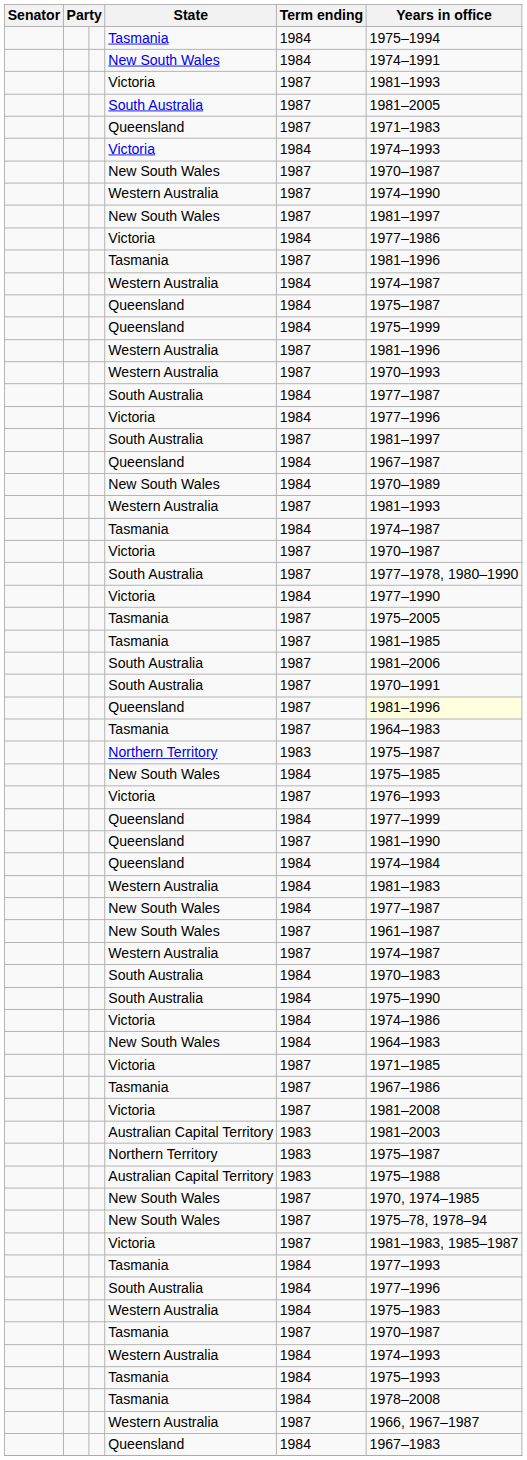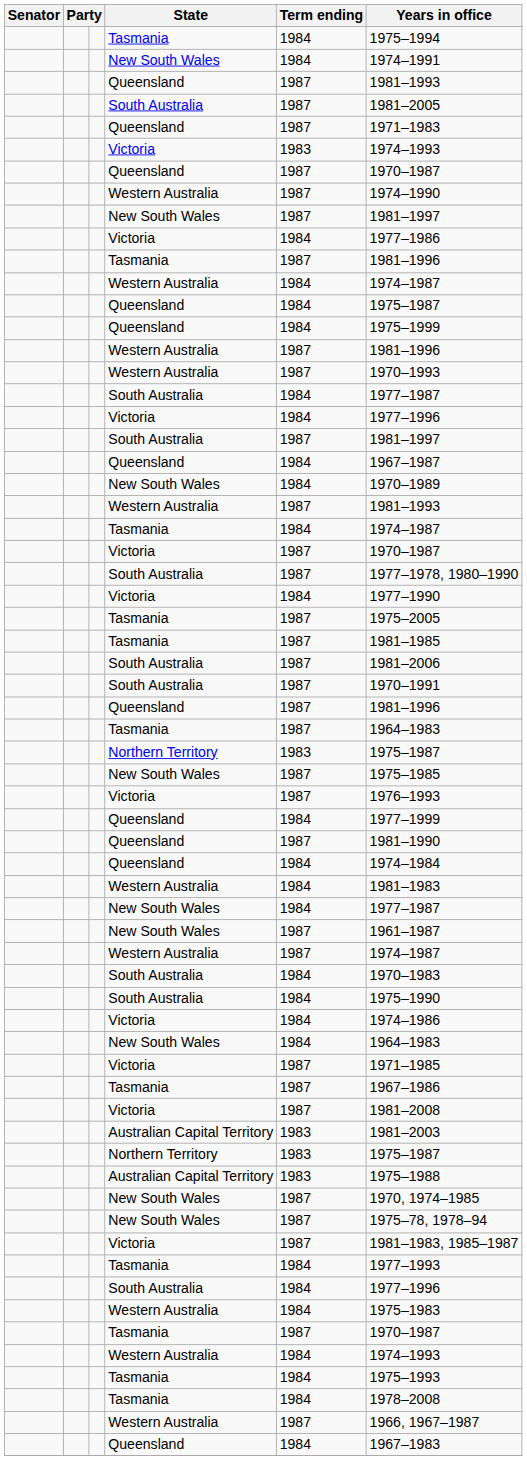 <table class="wikitable sortable">
 <tr>
 <th>Senator</th>
 <th colspan=2>Party</th>
 <th>State</th>
 <th>Term ending</th>
 <th>Years in office</th>
 </tr>
 <tr>
 <td></td>
 <td> </td>
 <td></td>
 <td><a href='#'>Tasmania</a></td>
 <td>1984</td>
 <td>1975–1994</td>
 </tr>
 <tr>
 <td></td>
 <td> </td>
 <td></td>
 <td><a href='#'>New South Wales</a></td>
 <td>1984</td>
 <td>1974–1991</td>
 </tr>
 <tr>
 <td></td>
 <td> </td>
 <td> </td>
-<td>Victoria</td>
+<td>Queensland</td>
 <td>1987</td>
 <td>1981–1993</td>
 </tr>
 <tr>
 <td></td>
 <td> </td>
 <td></td>
 <td><a href='#'>South Australia</a></td>
 <td>1987</td>
 <td>1981–2005</td>
 </tr>
 <tr>
 <td></td>
 <td> </td>
 <td></td>
 <td>Queensland</td>
 <td>1987</td>
 <td>1971–1983</td>
 </tr>
 <tr>
 <td></td>
 <td> </td>
 <td></td>
 <td><a href='#'>Victoria</a></td>
-<td>1984</td>
+<td>1983</td>
 <td>1974–1993</td>
 </tr>
 <tr>
 <td></td>
 <td> </td>
 <td></td>
-<td>New South Wales</td>
+<td>Queensland</td>
 <td>1987</td>
 <td>1970–1987</td>
 </tr>
 <tr>
 <td></td>
 <td> </td>
 <td></td>
 <td>Western Australia</td>
 <td>1987</td>
 <td>1974–1990</td>
 </tr>
 <tr>
 <td></td>
 <td> </td>
 <td></td>
 <td>New South Wales</td>
 <td>1987</td>
 <td>1981–1997</td>
 </tr>
 <tr>
 <td></td>
 <td> </td>
 <td></td>
 <td>Victoria</td>
 <td>1984</td>
 <td>1977–1986</td>
 </tr>
 <tr>
 <td></td>
 <td> </td>
 <td></td>
 <td>Tasmania</td>
 <td>1987</td>
 <td>1981–1996</td>
 </tr>
 <tr>
 <td></td>
 <td> </td>
 <td></td>
 <td>Western Australia</td>
 <td>1984</td>
 <td>1974–1987</td>
 </tr>
 <tr>
 <td></td>
 <td> </td>
 <td></td>
 <td>Queensland</td>
 <td>1984</td>
 <td>1975–1987</td>
 </tr>
 <tr>
 <td></td>
 <td> </td>
 <td></td>
 <td>Queensland</td>
 <td>1984</td>
 <td>1975–1999</td>
 </tr>
 <tr>
 <td></td>
 <td> </td>
 <td></td>
 <td>Western Australia</td>
 <td>1987</td>
 <td>1981–1996</td>
 </tr>
 <tr>
 <td></td>
 <td> </td>
 <td></td>
 <td>Western Australia</td>
 <td>1987</td>
 <td>1970–1993</td>
 </tr>
 <tr>
 <td></td>
 <td> </td>
 <td></td>
 <td>South Australia</td>
 <td>1984</td>
 <td>1977–1987</td>
 </tr>
 <tr>
 <td></td>
 <td> </td>
 <td></td>
 <td>Victoria</td>
 <td>1984</td>
 <td>1977–1996</td>
 </tr>
 <tr>
 <td></td>
 <td> </td>
 <td></td>
 <td>South Australia</td>
 <td>1987</td>
 <td>1981–1997</td>
 </tr>
 <tr>
 <td></td>
 <td> </td>
 <td></td>
 <td>Queensland</td>
 <td>1984</td>
 <td>1967–1987</td>
 </tr>
 <tr>
 <td></td>
 <td> </td>
 <td></td>
 <td>New South Wales</td>
 <td>1984</td>
 <td>1970–1989</td>
 </tr>
 <tr>
 <td></td>
 <td> </td>
 <td></td>
 <td>Western Australia</td>
 <td>1987</td>
 <td>1981–1993</td>
 </tr>
 <tr>
 <td></td>
 <td> </td>
 <td></td>
 <td>Tasmania</td>
 <td>1984</td>
 <td>1974–1987</td>
 </tr>
 <tr>
 <td></td>
 <td> </td>
 <td></td>
 <td>Victoria</td>
 <td>1987</td>
 <td>1970–1987</td>
 </tr>
 <tr>
 <td></td>
 <td> </td>
 <td></td>
 <td>South Australia</td>
 <td>1987</td>
 <td>1977–1978, 1980–1990</td>
 </tr>
 <tr>
 <td></td>
 <td> </td>
 <td></td>
 <td>Victoria</td>
 <td>1984</td>
 <td>1977–1990</td>
 </tr>
 <tr>
 <td></td>
 <td> </td>
 <td></td>
 <td>Tasmania</td>
 <td>1987</td>
 <td>1975–2005</td>
 </tr>
 <tr>
 <td></td>
 <td> </td>
 <td></td>
 <td>Tasmania</td>
 <td>1987</td>
 <td>1981–1985</td>
 </tr>
 <tr>
 <td></td>
 <td> </td>
 <td></td>
 <td>South Australia</td>
 <td>1987</td>
 <td>1981–2006</td>
 </tr>
 <tr>
 <td></td>
 <td> </td>
 <td></td>
 <td>South Australia</td>
 <td>1987</td>
 <td>1970–1991</td>
 </tr>
 <tr>
 <td></td>
 <td> </td>
 <td></td>
 <td>Queensland</td>
 <td>1987</td>
-<td style="background: lightyellow;">1981–1996</td>
+<td>1981–1996</td>
 </tr>
 <tr>
 <td></td>
 <td> </td>
 <td></td>
 <td>Tasmania</td>
 <td>1987</td>
 <td>1964–1983</td>
 </tr>
 <tr>
 <td></td>
 <td> </td>
 <td></td>
 <td><a href='#'>Northern Territory</a></td>
 <td>1983 </td>
 <td>1975–1987</td>
 </tr>
 <tr>
 <td></td>
 <td> </td>
 <td></td>
 <td>New South Wales</td>
-<td>1984</td>
+<td>1987</td>
 <td>1975–1985</td>
 </tr>
 <tr>
 <td></td>
 <td> </td>
 <td></td>
 <td>Victoria</td>
 <td>1987</td>
 <td>1976–1993</td>
 </tr>
 <tr>
 <td></td>
 <td> </td>
 <td></td>
 <td>Queensland</td>
 <td>1984</td>
 <td>1977–1999</td>
 </tr>
 <tr>
 <td></td>
 <td> </td>
 <td></td>
 <td>Queensland</td>
 <td>1987</td>
 <td>1981–1990</td>
 </tr>
 <tr>
 <td></td>
 <td> </td>
 <td></td>
 <td>Queensland</td>
 <td>1984</td>
 <td>1974–1984</td>
 </tr>
 <tr>
 <td></td>
 <td> </td>
 <td></td>
 <td>Western Australia</td>
 <td>1984</td>
 <td>1981–1983</td>
 </tr>
 <tr>
 <td></td>
 <td> </td>
 <td></td>
 <td>New South Wales</td>
 <td>1984</td>
 <td>1977–1987</td>
 </tr>
 <tr>
 <td> </td>
 <td> </td>
 <td></td>
 <td>New South Wales</td>
 <td>1987</td>
 <td>1961–1987</td>
 </tr>
 <tr>
 <td></td>
 <td> </td>
 <td></td>
 <td>Western Australia</td>
 <td>1987</td>
 <td>1974–1987</td>
 </tr>
 <tr>
 <td></td>
 <td> </td>
 <td></td>
 <td>South Australia</td>
 <td>1984</td>
 <td>1970–1983</td>
 </tr>
 <tr>
 <td></td>
 <td> </td>
 <td></td>
 <td>South Australia</td>
 <td>1984</td>
 <td>1975–1990</td>
 </tr>
 <tr>
 <td></td>
 <td> </td>
 <td></td>
 <td>Victoria</td>
 <td>1984</td>
 <td>1974–1986</td>
 </tr>
 <tr>
 <td></td>
 <td> </td>
 <td></td>
 <td>New South Wales</td>
 <td>1984</td>
 <td>1964–1983</td>
 </tr>
 <tr>
 <td></td>
 <td> </td>
 <td></td>
 <td>Victoria</td>
 <td>1987</td>
 <td>1971–1985</td>
 </tr>
 <tr>
 <td></td>
 <td> </td>
 <td></td>
 <td>Tasmania</td>
 <td>1987</td>
 <td>1967–1986</td>
 </tr>
 <tr>
 <td></td>
 <td> </td>
 <td></td>
 <td>Victoria</td>
 <td>1987</td>
 <td>1981–2008</td>
 </tr>
 <tr>
 <td></td>
 <td> </td>
 <td></td>
 <td>Australian Capital Territory</td>
 <td>1983 </td>
 <td>1981–2003</td>
 </tr>
 <tr>
 <td></td>
 <td> </td>
 <td></td>
 <td>Northern Territory</td>
 <td>1983 </td>
 <td>1975–1987</td>
 </tr>
 <tr>
 <td></td>
 <td> </td>
 <td></td>
 <td>Australian Capital Territory</td>
 <td>1983 </td>
 <td>1975–1988</td>
 </tr>
 <tr>
 <td></td>
 <td> </td>
 <td></td>
 <td>New South Wales</td>
 <td>1987</td>
 <td>1970, 1974–1985</td>
 </tr>
 <tr>
 <td></td>
 <td> </td>
 <td></td>
 <td>New South Wales</td>
 <td>1987</td>
 <td>1975–78, 1978–94</td>
 </tr>
 <tr>
 <td></td>
 <td> </td>
 <td></td>
 <td>Victoria</td>
 <td>1987</td>
 <td>1981–1983, 1985–1987</td>
 </tr>
 <tr>
 <td></td>
 <td> </td>
 <td></td>
 <td>Tasmania</td>
 <td>1984</td>
 <td>1977–1993</td>
 </tr>
 <tr>
 <td></td>
 <td> </td>
 <td></td>
 <td>South Australia</td>
 <td>1984</td>
 <td>1977–1996</td>
 </tr>
 <tr>
 <td></td>
 <td> </td>
 <td></td>
 <td>Western Australia</td>
 <td>1984</td>
 <td>1975–1983</td>
 </tr>
 <tr>
 <td></td>
 <td> </td>
 <td></td>
 <td>Tasmania</td>
 <td>1987</td>
 <td>1970–1987</td>
 </tr>
 <tr>
 <td></td>
 <td> </td>
 <td></td>
 <td>Western Australia</td>
 <td>1984</td>
 <td>1974–1993</td>
 </tr>
 <tr>
 <td></td>
 <td> </td>
 <td></td>
 <td>Tasmania</td>
 <td>1984</td>
 <td>1975–1993</td>
 </tr>
 <tr>
 <td></td>
 <td> </td>
 <td></td>
 <td>Tasmania</td>
 <td>1984</td>
 <td>1978–2008</td>
 </tr>
 <tr>
 <td></td>
 <td> </td>
 <td></td>
 <td>Western Australia</td>
 <td>1987</td>
 <td>1966, 1967–1987</td>
 </tr>
 <tr>
 <td></td>
 <td> </td>
 <td></td>
 <td>Queensland</td>
 <td>1984</td>
 <td>1967–1983</td>
 </tr>
 <tr>
 </tr>
 </table>
